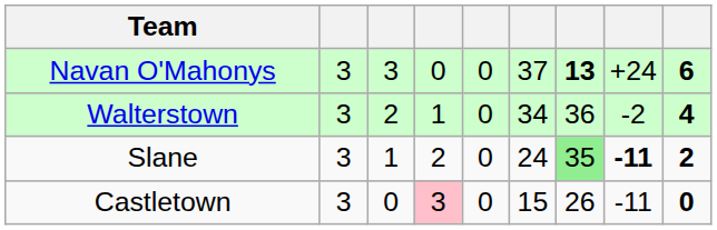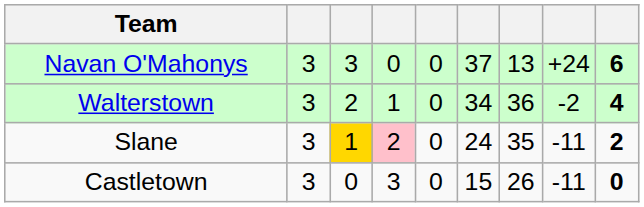 <table class="wikitable" style="text-align:center">
 <tr>
 <th style="width:175px;">Team</th>
 <th width="20"></th>
 <th width="20"></th>
 <th width="20"></th>
 <th width="20"></th>
 <th width="20"></th>
 <th width="20"></th>
 <th width="20"></th>
 <th width="20"></th>
 </tr>
 <tr style="background:#cfc;">
 <td><a href='#'>Navan O'Mahonys</a></td>
 <td>3</td>
 <td>3</td>
 <td>0</td>
 <td>0</td>
 <td>37</td>
-<td><strong>13</strong></td>
+<td>13</td>
 <td>+24</td>
 <td><strong>6</strong></td>
 </tr>
 <tr style="background:#cfc;">
 <td><a href='#'>Walterstown</a></td>
 <td>3</td>
 <td>2</td>
 <td>1</td>
 <td>0</td>
 <td>34</td>
 <td>36</td>
 <td>-2</td>
 <td><strong>4</strong></td>
 </tr>
 <tr>
 <td>Slane</td>
 <td>3</td>
-<td>1</td>
-<td>2</td>
+<td style="background: gold;">1</td>
+<td style="background: pink;">2</td>
 <td>0</td>
 <td>24</td>
-<td style="background: lightgreen;">35</td>
-<td><strong>-11</strong></td>
+<td>35</td>
+<td>-11</td>
 <td><strong>2</strong></td>
 </tr>
 <tr>
 <td>Castletown</td>
 <td>3</td>
 <td>0</td>
-<td style="background: pink;">3</td>
+<td>3</td>
 <td>0</td>
 <td>15</td>
 <td>26</td>
 <td>-11</td>
 <td><strong>0</strong></td>
 </tr>
 </table>
